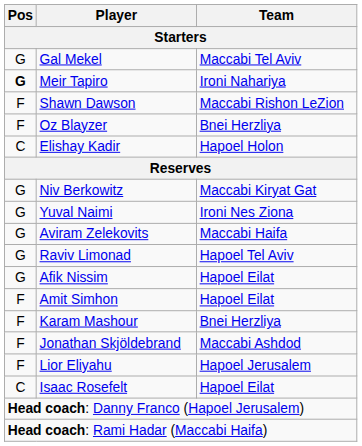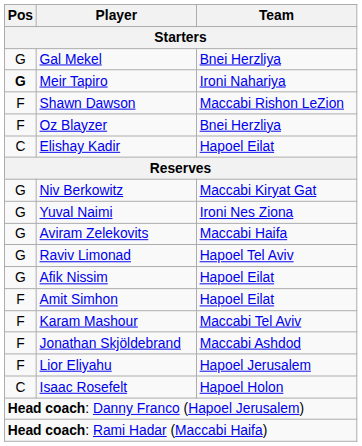 <table class="wikitable" style="text-align:center; font-size:90%;">
 <tr>
 <th scope="col" style="width:25px;">Pos</th>
 <th scope="col" style="width:160px;">Player</th>
 <th scope="col" style="width:160px;">Team</th>
 </tr>
 <tr>
 <th scope="col" colspan="5">Starters</th>
 </tr>
 <tr>
 <td>G</td>
 <td style="text-align:left"> <a href='#'>Gal Mekel</a></td>
-<td style="text-align:left"><a href='#'>Maccabi Tel Aviv</a></td>
+<td style="text-align:left"><a href='#'>Bnei Herzliya</a></td>
 </tr>
 <tr>
 <td><strong>G</strong></td>
 <td style="text-align:left"> <a href='#'>Meir Tapiro</a></td>
 <td style="text-align:left"><a href='#'>Ironi Nahariya</a></td>
 </tr>
 <tr>
 <td>F</td>
 <td style="text-align:left"> <a href='#'>Shawn Dawson</a></td>
 <td style="text-align:left"><a href='#'>Maccabi Rishon LeZion</a></td>
 </tr>
 <tr>
 <td>F</td>
 <td style="text-align:left"> <a href='#'>Oz Blayzer</a></td>
 <td style="text-align:left"><a href='#'>Bnei Herzliya</a></td>
 </tr>
 <tr>
 <td>C</td>
 <td style="text-align:left"> <a href='#'>Elishay Kadir</a></td>
-<td style="text-align:left"><a href='#'>Hapoel Holon</a></td>
+<td style="text-align:left"><a href='#'>Hapoel Eilat</a></td>
 </tr>
 <tr>
 <th scope="col" colspan="5">Reserves</th>
 </tr>
 <tr>
 <td>G</td>
 <td style="text-align:left"> <a href='#'>Niv Berkowitz</a></td>
 <td style="text-align:left"><a href='#'>Maccabi Kiryat Gat</a></td>
 </tr>
 <tr>
 <td>G</td>
 <td style="text-align:left"> <a href='#'>Yuval Naimi</a></td>
 <td style="text-align:left"><a href='#'>Ironi Nes Ziona</a></td>
 </tr>
 <tr>
 <td>G</td>
 <td style="text-align:left"> <a href='#'>Aviram Zelekovits</a></td>
 <td style="text-align:left"><a href='#'>Maccabi Haifa</a></td>
 </tr>
 <tr>
 <td>G</td>
 <td style="text-align:left"> <a href='#'>Raviv Limonad</a></td>
 <td style="text-align:left"><a href='#'>Hapoel Tel Aviv</a></td>
 </tr>
 <tr>
 <td>G</td>
 <td style="text-align:left"> <a href='#'>Afik Nissim</a></td>
 <td style="text-align:left"><a href='#'>Hapoel Eilat</a></td>
 </tr>
 <tr>
 <td>F</td>
 <td style="text-align:left"> <a href='#'>Amit Simhon</a></td>
 <td style="text-align:left"><a href='#'>Hapoel Eilat</a></td>
 </tr>
 <tr>
 <td>F</td>
 <td style="text-align:left"> <a href='#'>Karam Mashour</a></td>
-<td style="text-align:left"><a href='#'>Bnei Herzliya</a></td>
+<td style="text-align:left"><a href='#'>Maccabi Tel Aviv</a></td>
 </tr>
 <tr>
 <td>F</td>
 <td style="text-align:left"> <a href='#'>Jonathan Skjöldebrand</a></td>
 <td style="text-align:left"><a href='#'>Maccabi Ashdod</a></td>
 </tr>
 <tr>
 <td>F</td>
 <td style="text-align:left"> <a href='#'>Lior Eliyahu</a></td>
 <td style="text-align:left"><a href='#'>Hapoel Jerusalem</a></td>
 </tr>
 <tr>
 <td>C</td>
 <td style="text-align:left"> <a href='#'>Isaac Rosefelt</a></td>
-<td style="text-align:left"><a href='#'>Hapoel Eilat</a></td>
+<td style="text-align:left"><a href='#'>Hapoel Holon</a></td>
 </tr>
 <tr>
 <td style="text-align:left" colspan="5"><strong>Head coach</strong>:  <a href='#'>Danny Franco</a> (<a href='#'>Hapoel Jerusalem</a>)</td>
 </tr>
 <tr>
 <td style="text-align:left" colspan="5"><strong>Head coach</strong>:  <a href='#'>Rami Hadar</a> (<a href='#'>Maccabi Haifa</a>)</td>
 </tr>
 </table>
